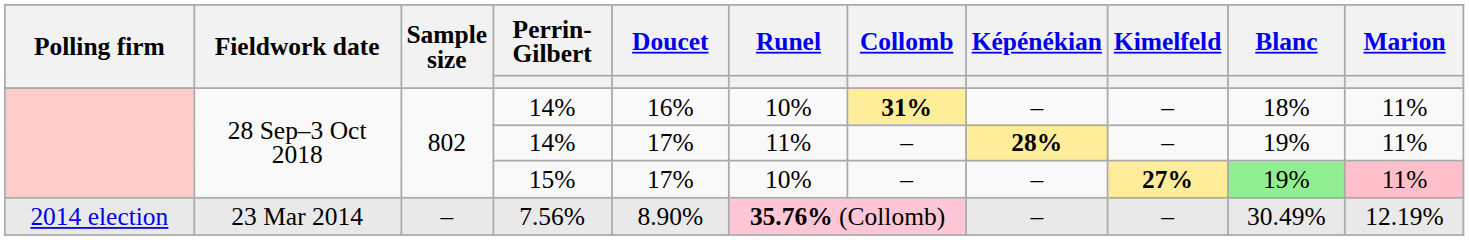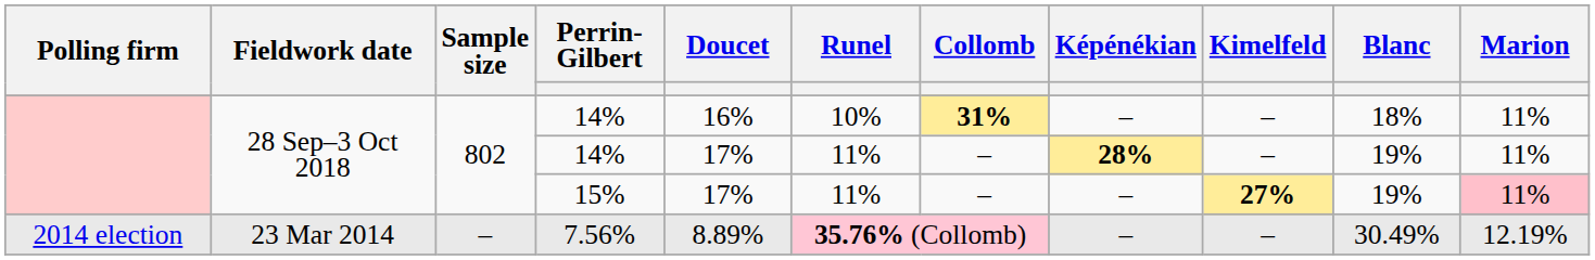 <table class="wikitable sortable" style="text-align:center;font-size:90%;line-height:14px;">
 <tr style="height:40px;">
 <th style="width:100px;" rowspan="2">Polling firm</th>
 <th style="width:110px;" rowspan="2">Fieldwork date</th>
 <th style="width:35px;" rowspan="2">Sample<br>size</th>
 <th class="unsortable" style="width:60px;">Perrin-Gilbert<br></th>
 <th class="unsortable" style="width:60px;"><a href='#'>Doucet</a><br></th>
 <th class="unsortable" style="width:60px;"><a href='#'>Runel</a><br></th>
 <th class="unsortable" style="width:60px;"><a href='#'>Collomb</a><br></th>
 <th class="unsortable" style="width:60px;"><a href='#'>Képénékian</a><br></th>
 <th class="unsortable" style="width:60px;"><a href='#'>Kimelfeld</a><br></th>
 <th class="unsortable" style="width:60px;"><a href='#'>Blanc</a><br></th>
 <th class="unsortable" style="width:60px;"><a href='#'>Marion</a><br></th>
 </tr>
 <tr>
 <th style="background:"></th>
 <th style="background:"></th>
 <th style="background:"></th>
 <th style="background:"></th>
 <th style="background:"></th>
 <th style="background:"></th>
 <th style="background:"></th>
 <th style="background:"></th>
 </tr>
 <tr>
 <td rowspan="3" style="background:#FFCCCC;"></td>
 <td rowspan="3" data-sort-value="2018-10-03">28 Sep–3 Oct 2018</td>
 <td rowspan="3">802</td>
 <td>14%</td>
 <td>16%</td>
 <td>10%</td>
 <td style="background:#FFED99;"><strong>31%</strong></td>
 <td>–</td>
 <td>–</td>
 <td>18%</td>
 <td>11%</td>
 </tr>
 <tr>
 <td>14%</td>
 <td>17%</td>
 <td>11%</td>
 <td>–</td>
 <td style="background:#FFED99;"><strong>28%</strong></td>
 <td>–</td>
 <td>19%</td>
 <td>11%</td>
 </tr>
 <tr>
 <td>15%</td>
 <td>17%</td>
-<td>10%</td>
+<td>11%</td>
 <td>–</td>
 <td>–</td>
 <td style="background:#FFED99;"><strong>27%</strong></td>
-<td style="background: lightgreen;">19%</td>
+<td>19%</td>
 <td style="background: pink;">11%</td>
 </tr>
 <tr style="background:#E9E9E9;">
 <td><a href='#'>2014 election</a></td>
 <td data-sort-value="2014-03-23">23 Mar 2014</td>
 <td>–</td>
 <td>7.56%</td>
-<td>8.90%</td>
+<td>8.89%</td>
 <td style="background:#FFC6D5;" colspan="2"><strong>35.76%</strong> (Collomb)</td>
 <td>–</td>
 <td>–</td>
 <td>30.49%</td>
 <td>12.19%</td>
 </tr>
 </table>
